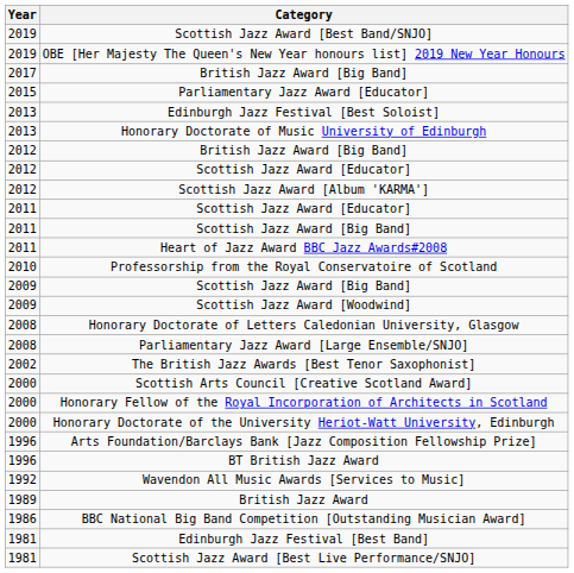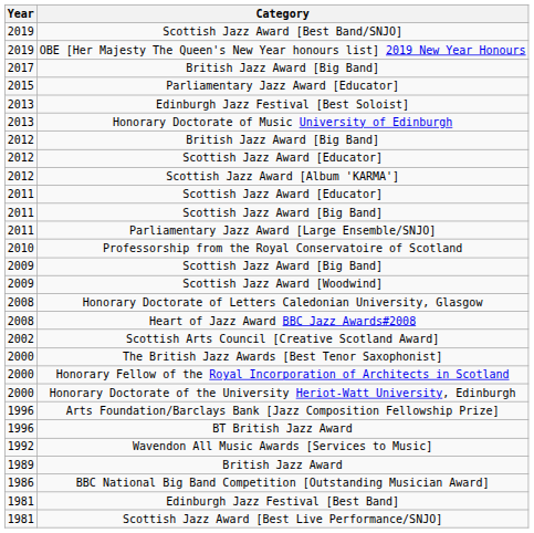 <table class="wikitable sortable">
 <tr>
 <th>Year</th>
 <th>Category</th>
 </tr>
 <tr align=center>
 <td>2019</td>
 <td>Scottish Jazz Award [Best Band/SNJO]</td>
 </tr>
 <tr align=center>
 <td>2019</td>
 <td>OBE [Her Majesty The Queen's New Year honours list] <a href='#'>2019 New Year Honours</a></td>
 </tr>
 <tr align=center>
 <td>2017</td>
 <td>British Jazz Award [Big Band]</td>
 </tr>
 <tr align=center>
 <td>2015</td>
 <td>Parliamentary Jazz Award [Educator]</td>
 </tr>
 <tr align=center>
 <td>2013</td>
 <td>Edinburgh Jazz Festival [Best Soloist]</td>
 </tr>
 <tr align=center>
 <td>2013</td>
 <td>Honorary Doctorate of Music <a href='#'>University of Edinburgh</a></td>
 </tr>
 <tr align=center>
 <td>2012</td>
 <td>British Jazz Award [Big Band]</td>
 </tr>
 <tr align=center>
 <td>2012</td>
 <td>Scottish Jazz Award [Educator]</td>
 </tr>
 <tr align=center>
 <td>2012</td>
 <td>Scottish Jazz Award [Album 'KARMA']</td>
 </tr>
 <tr align=center>
 <td>2011</td>
 <td>Scottish Jazz Award [Educator]</td>
 </tr>
 <tr align=center>
 <td>2011</td>
 <td>Scottish Jazz Award [Big Band]</td>
 </tr>
 <tr align=center>
 <td>2011</td>
-<td>Heart of Jazz Award <a href='#'>BBC Jazz Awards#2008</a></td>
+<td>Parliamentary Jazz Award [Large Ensemble/SNJO]</td>
 </tr>
 <tr align=center>
 <td>2010</td>
 <td>Professorship from the Royal Conservatoire of Scotland</td>
 </tr>
 <tr align=center>
 <td>2009</td>
 <td>Scottish Jazz Award [Big Band]</td>
 </tr>
 <tr align=center>
 <td>2009</td>
 <td>Scottish Jazz Award [Woodwind]</td>
 </tr>
 <tr align=center>
 <td>2008</td>
 <td>Honorary Doctorate of Letters Caledonian University, Glasgow</td>
 </tr>
 <tr align=center>
 <td>2008</td>
-<td>Parliamentary Jazz Award [Large Ensemble/SNJO]</td>
+<td>Heart of Jazz Award <a href='#'>BBC Jazz Awards#2008</a></td>
 </tr>
 <tr align=center>
 <td>2002</td>
-<td>The British Jazz Awards [Best Tenor Saxophonist]</td>
+<td>Scottish Arts Council [Creative Scotland Award]</td>
 </tr>
 <tr align=center>
 <td>2000</td>
-<td>Scottish Arts Council [Creative Scotland Award]</td>
+<td>The British Jazz Awards [Best Tenor Saxophonist]</td>
 </tr>
 <tr align=center>
 <td>2000</td>
 <td>Honorary Fellow of the <a href='#'>Royal Incorporation of Architects in Scotland</a></td>
 </tr>
 <tr align=center>
 <td>2000</td>
 <td>Honorary Doctorate of the University <a href='#'>Heriot-Watt University</a>, Edinburgh</td>
 </tr>
 <tr align=center>
 <td>1996</td>
 <td>Arts Foundation/Barclays Bank [Jazz Composition Fellowship Prize]</td>
 </tr>
 <tr align=center>
 <td>1996</td>
 <td>BT British Jazz Award</td>
 </tr>
 <tr align=center>
 <td>1992</td>
 <td>Wavendon All Music Awards [Services to Music]</td>
 </tr>
 <tr align=center>
 <td>1989</td>
 <td>British Jazz Award</td>
 </tr>
 <tr align=center>
 <td>1986</td>
 <td>BBC National Big Band Competition [Outstanding Musician Award]</td>
 </tr>
 <tr align=center>
 <td>1981</td>
 <td>Edinburgh Jazz Festival [Best Band]</td>
 </tr>
 <tr align=center>
 <td>1981</td>
 <td>Scottish Jazz Award [Best Live Performance/SNJO]</td>
 </tr>
 </table>
